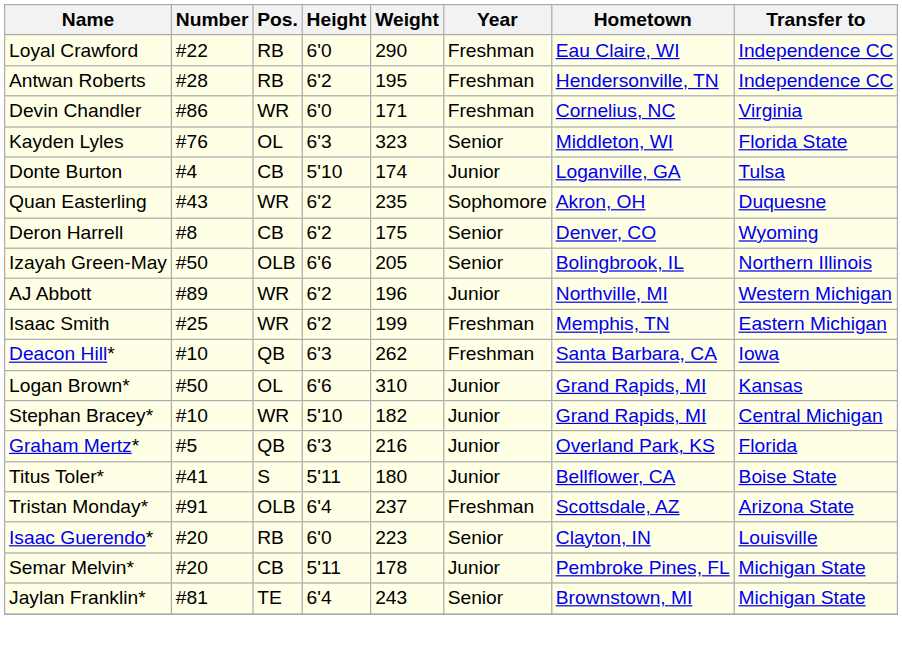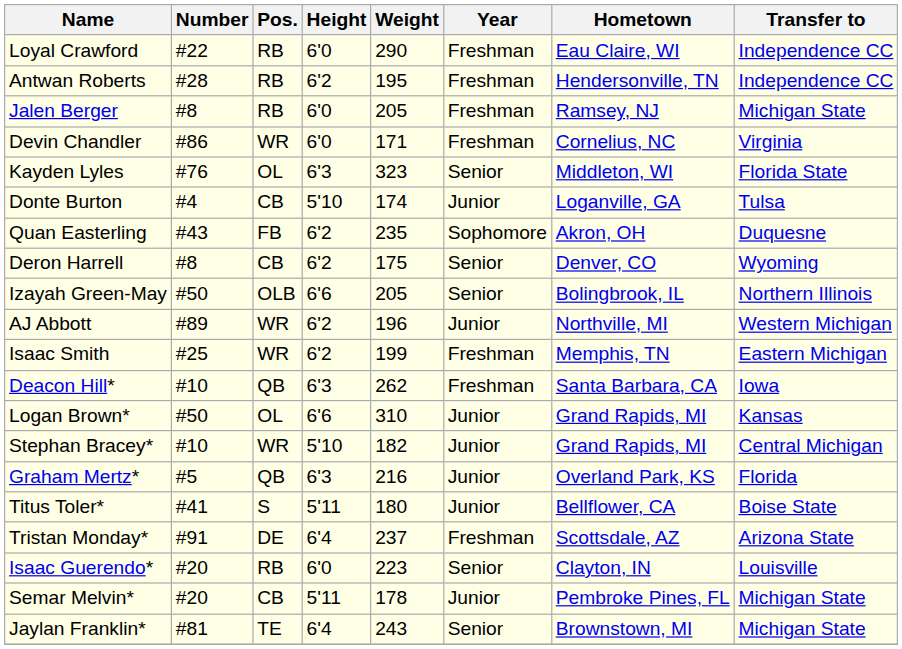 <table class="wikitable sortable">
 <tr>
 <th>Name</th>
 <th>Number</th>
 <th>Pos.</th>
 <th>Height</th>
 <th>Weight</th>
 <th>Year</th>
 <th>Hometown</th>
 <th class="unsortable">Transfer to</th>
 </tr>
 <tr style="background:#FFFFE6;">
 <td>Loyal Crawford</td>
 <td>#22</td>
 <td>RB</td>
 <td>6'0</td>
 <td>290</td>
 <td>Freshman</td>
 <td><a href='#'>Eau Claire, WI</a></td>
 <td><a href='#'>Independence CC</a></td>
 </tr>
 <tr style="background:#FFFFE6;">
 <td>Antwan Roberts</td>
 <td>#28</td>
 <td>RB</td>
 <td>6'2</td>
 <td>195</td>
 <td>Freshman</td>
 <td><a href='#'>Hendersonville, TN</a></td>
 <td><a href='#'>Independence CC</a></td>
+</tr>
+<tr style="background:#FFFFE6;">
+<td><a href='#'>Jalen Berger</a></td>
+<td>#8</td>
+<td>RB</td>
+<td>6'0</td>
+<td>205</td>
+<td>Freshman </td>
+<td><a href='#'>Ramsey, NJ</a></td>
+<td><a href='#'>Michigan State</a></td>
 </tr>
 <tr style="background:#FFFFE6;">
 <td>Devin Chandler</td>
 <td>#86</td>
 <td>WR</td>
 <td>6'0</td>
 <td>171</td>
 <td>Freshman </td>
 <td><a href='#'>Cornelius, NC</a></td>
 <td><a href='#'>Virginia</a></td>
 </tr>
 <tr style="background:#FFFFE6;">
 <td>Kayden Lyles</td>
 <td>#76</td>
 <td>OL</td>
 <td>6'3</td>
 <td>323</td>
 <td>Senior </td>
 <td><a href='#'>Middleton, WI</a></td>
 <td><a href='#'>Florida State</a></td>
 </tr>
 <tr style="background:#FFFFE6;">
 <td>Donte Burton</td>
 <td>#4</td>
 <td>CB</td>
 <td>5'10</td>
 <td>174</td>
 <td>Junior </td>
 <td><a href='#'>Loganville, GA</a></td>
 <td><a href='#'>Tulsa</a></td>
 </tr>
 <tr style="background:#FFFFE6;">
 <td>Quan Easterling</td>
 <td>#43</td>
-<td>WR</td>
+<td>FB</td>
 <td>6'2</td>
 <td>235</td>
 <td>Sophomore </td>
 <td><a href='#'>Akron, OH</a></td>
 <td><a href='#'>Duquesne</a></td>
 </tr>
 <tr style="background:#FFFFE6;">
 <td>Deron Harrell</td>
 <td>#8</td>
 <td>CB</td>
 <td>6'2</td>
 <td>175</td>
 <td>Senior </td>
 <td><a href='#'>Denver, CO</a></td>
 <td><a href='#'>Wyoming</a></td>
 </tr>
 <tr style="background:#FFFFE6;">
 <td>Izayah Green-May</td>
 <td>#50</td>
 <td>OLB</td>
 <td>6'6</td>
 <td>205</td>
 <td>Senior </td>
 <td><a href='#'>Bolingbrook, IL</a></td>
 <td><a href='#'>Northern Illinois</a></td>
 </tr>
 <tr style="background:#FFFFE6;">
 <td>AJ Abbott</td>
 <td>#89</td>
 <td>WR</td>
 <td>6'2</td>
 <td>196</td>
 <td>Junior </td>
 <td><a href='#'>Northville, MI</a></td>
 <td><a href='#'>Western Michigan</a></td>
 </tr>
 <tr style="background:#FFFFE6;">
 <td>Isaac Smith</td>
 <td>#25</td>
 <td>WR</td>
 <td>6'2</td>
 <td>199</td>
 <td>Freshman </td>
 <td><a href='#'>Memphis, TN</a></td>
 <td><a href='#'>Eastern Michigan</a></td>
 </tr>
 <tr style="background:#FFFFE6;">
 <td><a href='#'>Deacon Hill</a>*</td>
 <td>#10</td>
 <td>QB</td>
 <td>6'3</td>
 <td>262</td>
 <td>Freshman </td>
 <td><a href='#'>Santa Barbara, CA</a></td>
 <td><a href='#'>Iowa</a></td>
 </tr>
 <tr style="background:#FFFFE6;">
 <td>Logan Brown*</td>
 <td>#50</td>
 <td>OL</td>
 <td>6'6</td>
 <td>310</td>
 <td>Junior </td>
 <td><a href='#'>Grand Rapids, MI</a></td>
 <td><a href='#'>Kansas</a></td>
 </tr>
 <tr style="background:#FFFFE6;">
 <td>Stephan Bracey*</td>
 <td>#10</td>
 <td>WR</td>
 <td>5'10</td>
 <td>182</td>
 <td>Junior </td>
 <td><a href='#'>Grand Rapids, MI</a></td>
 <td><a href='#'>Central Michigan</a></td>
 </tr>
 <tr style="background:#FFFFE6;">
 <td><a href='#'>Graham Mertz</a>*</td>
 <td>#5</td>
 <td>QB</td>
 <td>6'3</td>
 <td>216</td>
 <td>Junior </td>
 <td><a href='#'>Overland Park, KS</a></td>
 <td><a href='#'>Florida</a></td>
 </tr>
 <tr style="background:#FFFFE6;">
 <td>Titus Toler*</td>
 <td>#41</td>
 <td>S</td>
 <td>5'11</td>
 <td>180</td>
 <td>Junior </td>
 <td><a href='#'>Bellflower, CA</a></td>
 <td><a href='#'>Boise State</a></td>
 </tr>
 <tr style="background:#FFFFE6;">
 <td>Tristan Monday*</td>
 <td>#91</td>
-<td>OLB</td>
+<td>DE</td>
 <td>6'4</td>
 <td>237</td>
 <td>Freshman</td>
 <td><a href='#'>Scottsdale, AZ</a></td>
 <td><a href='#'>Arizona State</a></td>
 </tr>
 <tr style="background:#FFFFE6;">
 <td><a href='#'>Isaac Guerendo</a>*</td>
 <td>#20</td>
 <td>RB</td>
 <td>6'0</td>
 <td>223</td>
 <td>Senior </td>
 <td><a href='#'>Clayton, IN</a></td>
 <td><a href='#'>Louisville</a></td>
 </tr>
 <tr style="background:#FFFFE6;">
 <td>Semar Melvin*</td>
 <td>#20</td>
 <td>CB</td>
 <td>5'11</td>
 <td>178</td>
 <td>Junior </td>
 <td><a href='#'>Pembroke Pines, FL</a></td>
 <td><a href='#'>Michigan State</a></td>
 </tr>
 <tr style="background:#FFFFE6;">
 <td>Jaylan Franklin*</td>
 <td>#81</td>
 <td>TE</td>
 <td>6'4</td>
 <td>243</td>
 <td>Senior </td>
 <td><a href='#'>Brownstown, MI</a></td>
 <td><a href='#'>Michigan State</a></td>
 </tr>
 <tr>
 </tr>
 </table>
